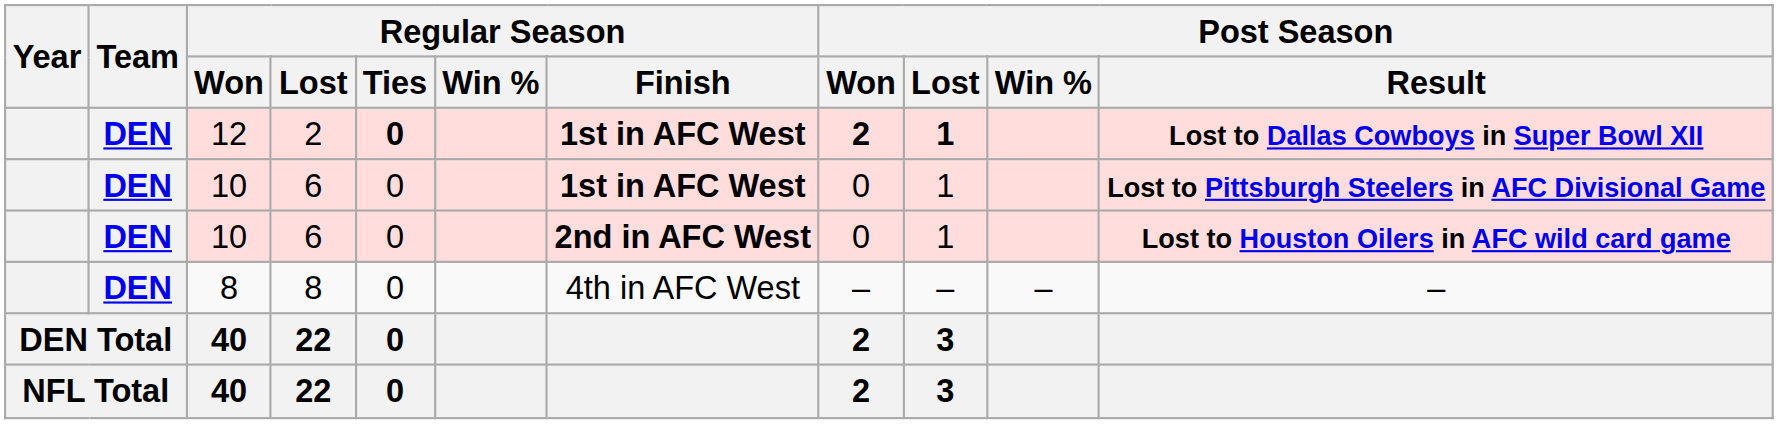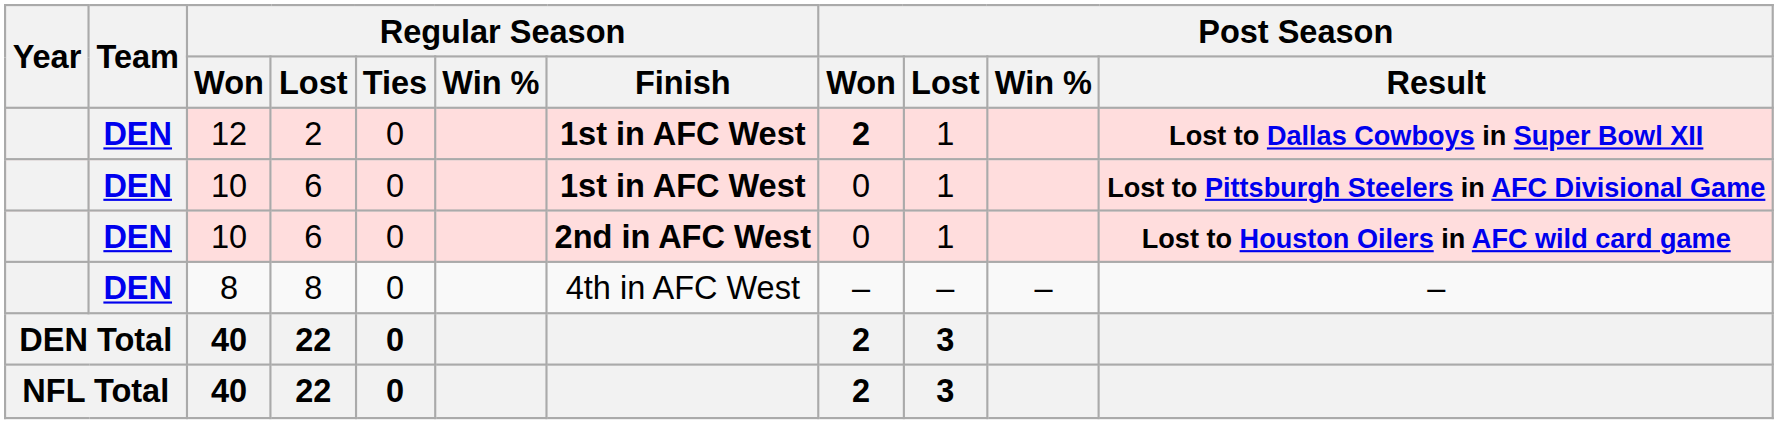 <table class="wikitable" style="font-size: 95%; text-align:center;">
 <tr>
 <th rowspan="2">Year</th>
 <th rowspan="2">Team</th>
 <th colspan="5">Regular Season</th>
 <th colspan="4">Post Season</th>
 </tr>
 <tr>
 <th>Won</th>
 <th>Lost</th>
 <th>Ties</th>
 <th>Win %</th>
 <th>Finish</th>
 <th>Won</th>
 <th>Lost</th>
 <th>Win %</th>
 <th>Result</th>
 </tr>
 <tr style="background:#fdd;">
 <th></th>
 <th><a href='#'>DEN</a></th>
 <td>12</td>
 <td>2</td>
-<td><strong>0</strong></td>
+<td>0</td>
 <td></td>
 <td><strong>1st in AFC West</strong></td>
 <td><strong>2</strong></td>
-<td><strong>1</strong></td>
+<td>1</td>
 <td></td>
 <td><small><strong>Lost to <a href='#'>Dallas Cowboys</a> in <a href='#'>Super Bowl XII</a></strong></small></td>
 </tr>
 <tr style="background:#fdd;">
 <th></th>
 <th><a href='#'>DEN</a></th>
 <td>10</td>
 <td>6</td>
 <td>0</td>
 <td></td>
 <td><strong>1st in AFC West</strong></td>
 <td>0</td>
 <td>1</td>
 <td></td>
 <td><small><strong>Lost to <a href='#'>Pittsburgh Steelers</a> in <a href='#'>AFC Divisional Game</a></strong></small></td>
 </tr>
 <tr style="background:#fdd;">
 <th></th>
 <th><a href='#'>DEN</a></th>
 <td>10</td>
 <td>6</td>
 <td>0</td>
 <td></td>
 <td><strong>2nd in AFC West</strong></td>
 <td>0</td>
 <td>1</td>
 <td></td>
 <td><small><strong>Lost to <a href='#'>Houston Oilers</a> in <a href='#'>AFC wild card game</a></strong></small></td>
 </tr>
 <tr>
 <th></th>
 <th><a href='#'>DEN</a></th>
 <td>8</td>
 <td>8</td>
 <td>0</td>
 <td></td>
 <td>4th in AFC West</td>
 <td>–</td>
 <td>–</td>
 <td>–</td>
 <td>–</td>
 </tr>
 <tr>
 <th colspan="2">DEN Total</th>
 <th>40</th>
 <th>22</th>
 <th>0</th>
 <th></th>
 <th></th>
 <th>2</th>
 <th>3</th>
 <th></th>
 <th></th>
 </tr>
 <tr>
 <th colspan="2">NFL Total</th>
 <th>40</th>
 <th>22</th>
 <th>0</th>
 <th></th>
 <th></th>
 <th>2</th>
 <th>3</th>
 <th></th>
 <th></th>
 </tr>
 </table>
